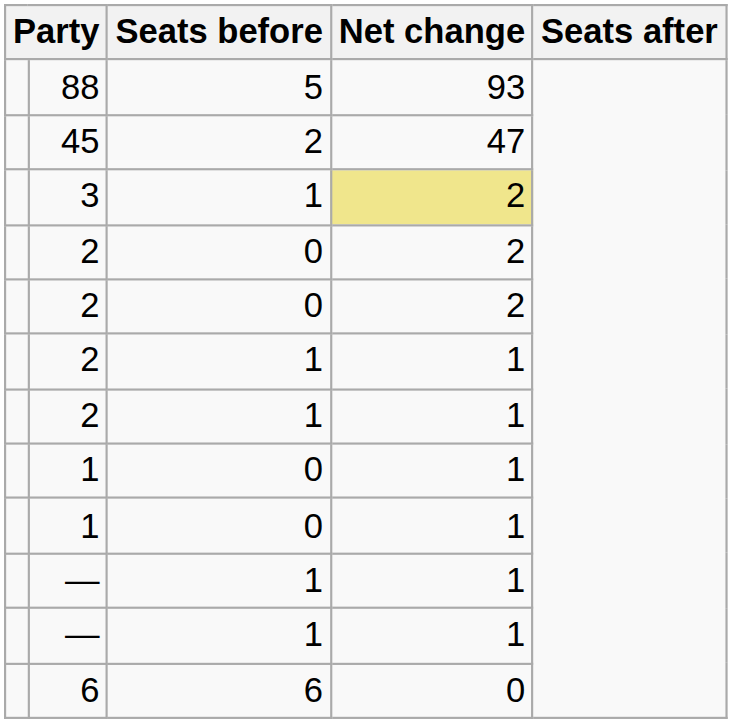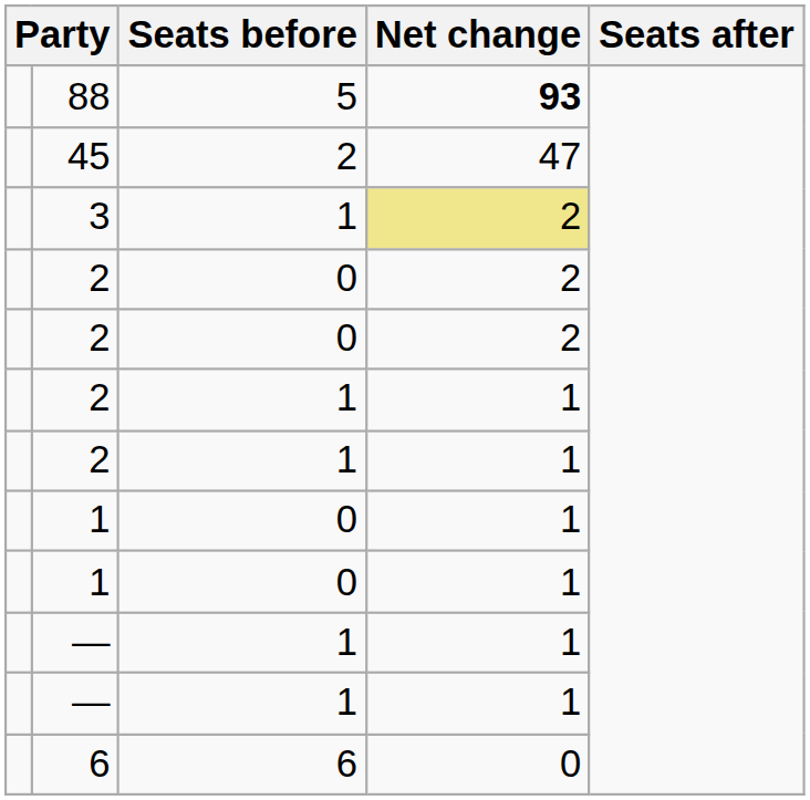 <table class=wikitable style="text-align:right">
 <tr>
 <th colspan="2">Party</th>
 <th>Seats before</th>
 <th>Net change</th>
 <th>Seats after</th>
 </tr>
 <tr>
 <td></td>
 <td>88</td>
 <td> 5</td>
-<td>93</td>
+<td><strong>93</strong></td>
 </tr>
 <tr>
 <td></td>
 <td>45</td>
 <td> 2</td>
 <td>47</td>
 </tr>
 <tr>
 <td></td>
 <td>3</td>
 <td> 1</td>
 <td style="background: khaki;">2</td>
 </tr>
 <tr>
 <td></td>
 <td>2</td>
 <td> 0</td>
 <td>2</td>
 </tr>
 <tr>
 <td></td>
 <td>2</td>
 <td> 0</td>
 <td>2</td>
 </tr>
 <tr>
 <td></td>
 <td>2</td>
 <td> 1</td>
 <td>1</td>
 </tr>
 <tr>
 <td></td>
 <td>2</td>
 <td> 1</td>
 <td>1</td>
 </tr>
 <tr>
 <td></td>
 <td>1</td>
 <td> 0</td>
 <td>1</td>
 </tr>
 <tr>
 <td></td>
 <td>1</td>
 <td> 0</td>
 <td>1</td>
 </tr>
 <tr>
 <td></td>
 <td>—</td>
 <td> 1</td>
 <td>1</td>
 </tr>
 <tr>
 <td></td>
 <td>—</td>
 <td> 1</td>
 <td>1</td>
 </tr>
 <tr>
 <td></td>
 <td>6</td>
 <td> 6</td>
 <td>0</td>
 </tr>
 </table>
